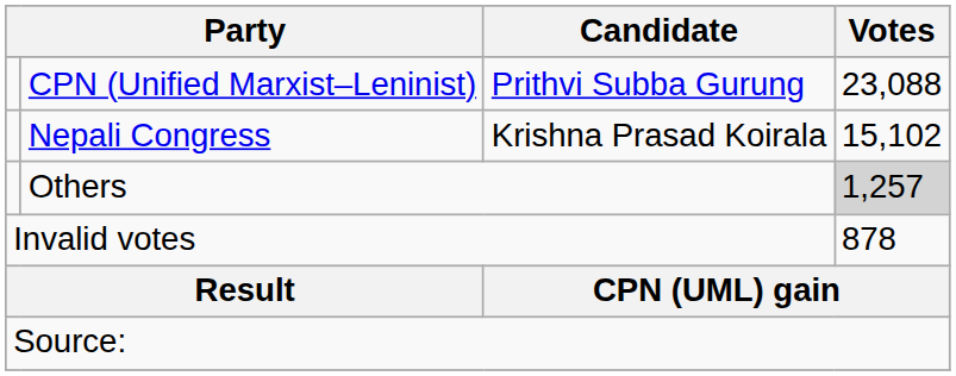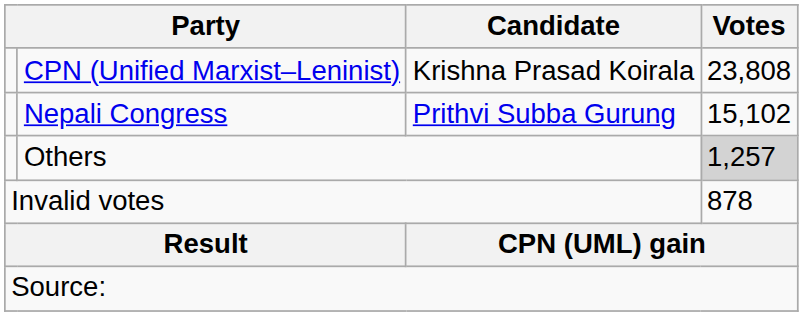 <table class="wikitable">
 <tr>
 <th colspan="2">Party</th>
 <th>Candidate</th>
 <th>Votes</th>
 </tr>
 <tr>
 <td style="background-color:"></td>
 <td><a href='#'>CPN (Unified Marxist–Leninist)</a></td>
-<td><a href='#'>Prithvi Subba Gurung</a></td>
-<td>23,088</td>
+<td>Krishna Prasad Koirala</td>
+<td>23,808</td>
 </tr>
 <tr>
 <td style="background-color:"></td>
 <td><a href='#'>Nepali Congress</a></td>
-<td>Krishna Prasad Koirala</td>
+<td><a href='#'>Prithvi Subba Gurung</a></td>
 <td>15,102</td>
 </tr>
 <tr>
 <td></td>
 <td colspan="2">Others</td>
 <td style="background: lightgrey;">1,257</td>
 </tr>
 <tr>
 <td colspan="3">Invalid votes</td>
 <td>878</td>
 </tr>
 <tr>
 <th colspan="2">Result</th>
 <th colspan="2">CPN (UML) gain</th>
 </tr>
 <tr>
 <td colspan="4">Source: </td>
 </tr>
 </table>
